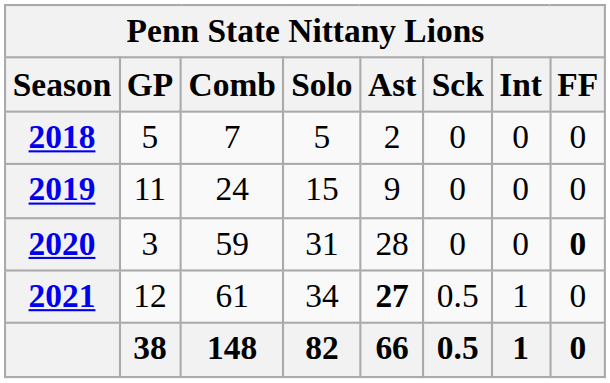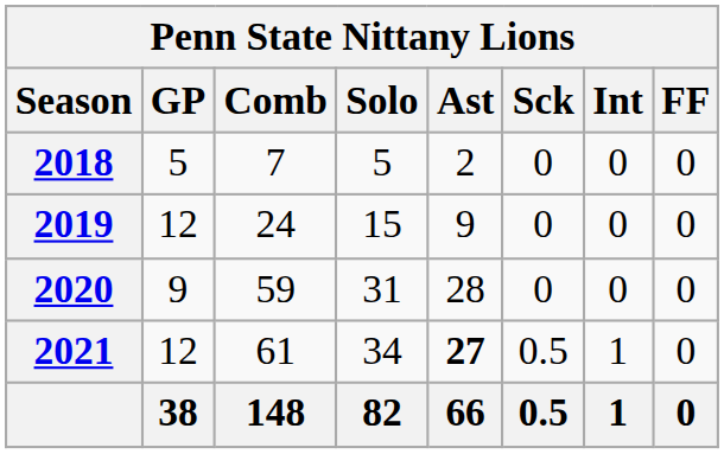 <table class="wikitable" style="text-align:center;">
 <tr>
 <th colspan="8">Penn State Nittany Lions</th>
 </tr>
 <tr>
 <th>Season</th>
 <th>GP</th>
 <th>Comb</th>
 <th>Solo</th>
 <th>Ast</th>
 <th>Sck</th>
 <th>Int</th>
 <th>FF</th>
 </tr>
 <tr>
 <th><a href='#'>2018</a></th>
 <td>5</td>
 <td>7</td>
 <td>5</td>
 <td>2</td>
 <td>0</td>
 <td>0</td>
 <td>0</td>
 </tr>
 <tr>
 <th><a href='#'>2019</a></th>
-<td>11</td>
+<td>12</td>
 <td>24</td>
 <td>15</td>
 <td>9</td>
 <td>0</td>
 <td>0</td>
 <td>0</td>
 </tr>
 <tr>
 <th><a href='#'>2020</a></th>
-<td>3</td>
+<td>9</td>
 <td>59</td>
 <td>31</td>
 <td>28</td>
 <td>0</td>
 <td>0</td>
-<td><strong>0</strong></td>
+<td>0</td>
 </tr>
 <tr>
 <th><a href='#'>2021</a></th>
 <td>12</td>
 <td>61</td>
 <td>34</td>
 <td><strong>27</strong></td>
 <td>0.5</td>
 <td>1</td>
 <td>0</td>
 </tr>
 <tr>
 <th></th>
 <th>38</th>
 <th>148</th>
 <th>82</th>
 <th>66</th>
 <th>0.5</th>
 <th>1</th>
 <th>0</th>
 </tr>
 </table>
